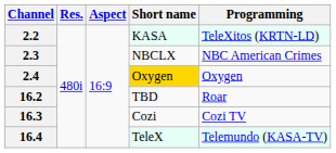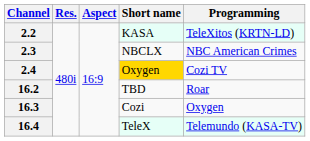 <table class="wikitable">
 <tr>
 <th scope = "col"><a href='#'>Channel</a></th>
 <th scope = "col"><a href='#'>Res.</a></th>
 <th scope = "col"><a href='#'>Aspect</a></th>
 <th scope = "col">Short name</th>
 <th scope = "col">Programming</th>
 </tr>
 <tr>
 <th scope = "row">2.2</th>
 <td rowspan="6"><a href='#'>480i</a></td>
 <td rowspan="6"><a href='#'>16:9</a></td>
 <td style="background-color: #E6FFF7;">KASA</td>
 <td style="background-color: #E6FFF7;"><a href='#'>TeleXitos</a> (<a href='#'>KRTN-LD</a>)</td>
 </tr>
 <tr>
 <th scope = "row">2.3</th>
 <td>NBCLX</td>
 <td><a href='#'>NBC American Crimes</a></td>
 </tr>
 <tr>
 <th scope = "row">2.4</th>
 <td style="background: gold;">Oxygen</td>
-<td><a href='#'>Oxygen</a></td>
+<td><a href='#'>Cozi TV</a></td>
 </tr>
 <tr>
 <th scope = "row">16.2</th>
 <td>TBD</td>
 <td><a href='#'>Roar</a></td>
 </tr>
 <tr>
 <th scope = "row">16.3</th>
 <td>Cozi</td>
-<td><a href='#'>Cozi TV</a></td>
+<td><a href='#'>Oxygen</a></td>
 </tr>
 <tr>
 <th scope = "row">16.4</th>
 <td style="background-color: #E6FFF7;">TeleX</td>
 <td style="background-color: #E6FFF7;"><a href='#'>Telemundo</a> (<a href='#'>KASA-TV</a>)</td>
 </tr>
 </table>
